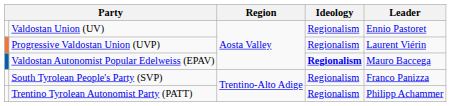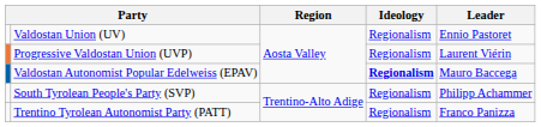 <table class=wikitable style=text-align:left>
 <tr>
 <th colspan=2>Party</th>
 <th>Region</th>
 <th>Ideology</th>
 <th>Leader</th>
 </tr>
 <tr>
 <td></td>
 <td><a href='#'>Valdostan Union</a> (UV)</td>
 <td rowspan=3><a href='#'>Aosta Valley</a></td>
 <td><a href='#'>Regionalism</a></td>
 <td><a href='#'>Ennio Pastoret</a></td>
 </tr>
 <tr>
 <td bgcolor="#F07636"></td>
 <td><a href='#'>Progressive Valdostan Union</a> (UVP)</td>
 <td><a href='#'>Regionalism</a></td>
 <td><a href='#'>Laurent Viérin</a></td>
 </tr>
 <tr>
 <td bgcolor="#0060AA"></td>
 <td><a href='#'>Valdostan Autonomist Popular Edelweiss</a> (EPAV)</td>
 <td><strong><a href='#'>Regionalism</a></strong></td>
 <td><a href='#'>Mauro Baccega</a></td>
 </tr>
 <tr>
 <td></td>
 <td><a href='#'>South Tyrolean People's Party</a> (SVP)</td>
 <td rowspan=2><a href='#'>Trentino-Alto Adige</a></td>
 <td><a href='#'>Regionalism</a></td>
-<td><a href='#'>Franco Panizza</a></td>
+<td><a href='#'>Philipp Achammer</a></td>
 </tr>
 <tr>
 <td></td>
 <td><a href='#'>Trentino Tyrolean Autonomist Party</a> (PATT)</td>
 <td><a href='#'>Regionalism</a></td>
-<td><a href='#'>Philipp Achammer</a></td>
+<td><a href='#'>Franco Panizza</a></td>
 </tr>
 </table>
